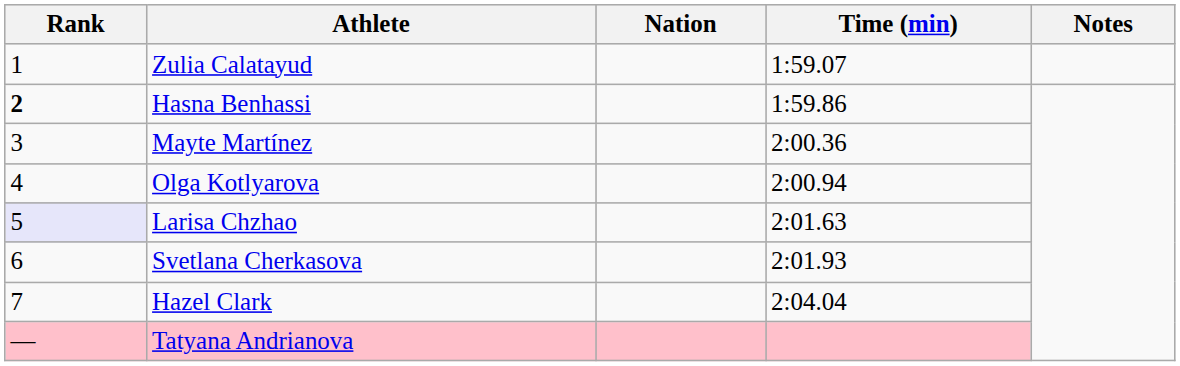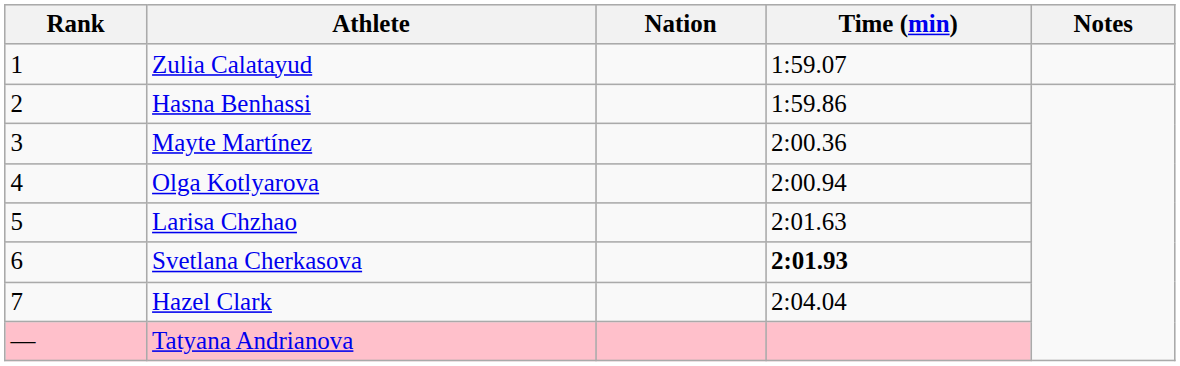 <table class="wikitable" style="text=align:center;" width=85%>
 <tr>
 <th>Rank</th>
 <th>Athlete</th>
 <th>Nation</th>
 <th>Time (<a href='#'>min</a>)</th>
 <th>Notes</th>
 </tr>
 <tr>
 <td>1</td>
 <td><a href='#'>Zulia Calatayud</a></td>
 <td></td>
 <td>1:59.07</td>
 <td></td>
 </tr>
 <tr>
-<td><strong>2</strong></td>
+<td>2</td>
 <td><a href='#'>Hasna Benhassi</a></td>
 <td></td>
 <td>1:59.86</td>
 </tr>
 <tr>
 <td>3</td>
 <td><a href='#'>Mayte Martínez</a></td>
 <td></td>
 <td>2:00.36</td>
 </tr>
 <tr>
 <td>4</td>
 <td><a href='#'>Olga Kotlyarova</a></td>
 <td></td>
 <td>2:00.94</td>
 </tr>
 <tr>
-<td style="background: lavender;">5</td>
+<td>5</td>
 <td><a href='#'>Larisa Chzhao</a></td>
 <td></td>
 <td>2:01.63</td>
 </tr>
 <tr>
 <td>6</td>
 <td><a href='#'>Svetlana Cherkasova</a></td>
 <td></td>
-<td>2:01.93</td>
+<td><strong>2:01.93</strong></td>
 </tr>
 <tr>
 <td>7</td>
 <td><a href='#'>Hazel Clark</a></td>
 <td></td>
 <td>2:04.04</td>
 </tr>
 <tr bgcolor=pink>
 <td>—</td>
 <td><a href='#'>Tatyana Andrianova</a></td>
 <td></td>
 <td></td>
 </tr>
 </table>
